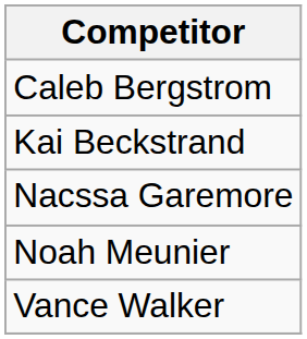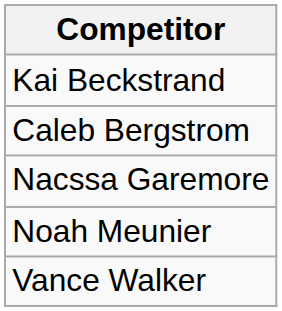 <table class="wikitable sortable collapsible inline-table">
 <tr>
 <th>Competitor</th>
 </tr>
 <tr>
-<td>Caleb Bergstrom</td>
+<td>Kai Beckstrand</td>
 </tr>
 <tr>
-<td>Kai Beckstrand</td>
+<td>Caleb Bergstrom</td>
 </tr>
 <tr>
 <td>Nacssa Garemore</td>
 </tr>
 <tr>
 <td>Noah Meunier</td>
 </tr>
 <tr>
 <td>Vance Walker</td>
 </tr>
 <tr>
 </tr>
 </table>
